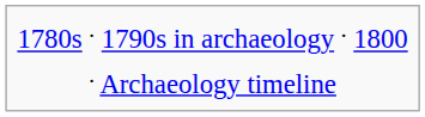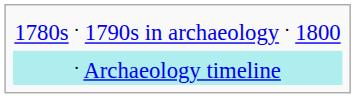 <table class="infobox">
 <tr style="background-color:#f3f3f3 width:29em">
 <td align="center"><a href='#'>1780s</a> <sup>.</sup> <a href='#'>1790s in archaeology</a> <sup>.</sup> <a href='#'>1800</a><br></td>
 </tr>
 <tr>
-<td align="center"><sup>.</sup> <a href='#'>Archaeology timeline</a></td>
+<td align="center" style="background: paleturquoise;"><sup>.</sup> <a href='#'>Archaeology timeline</a></td>
 </tr>
 </table>
